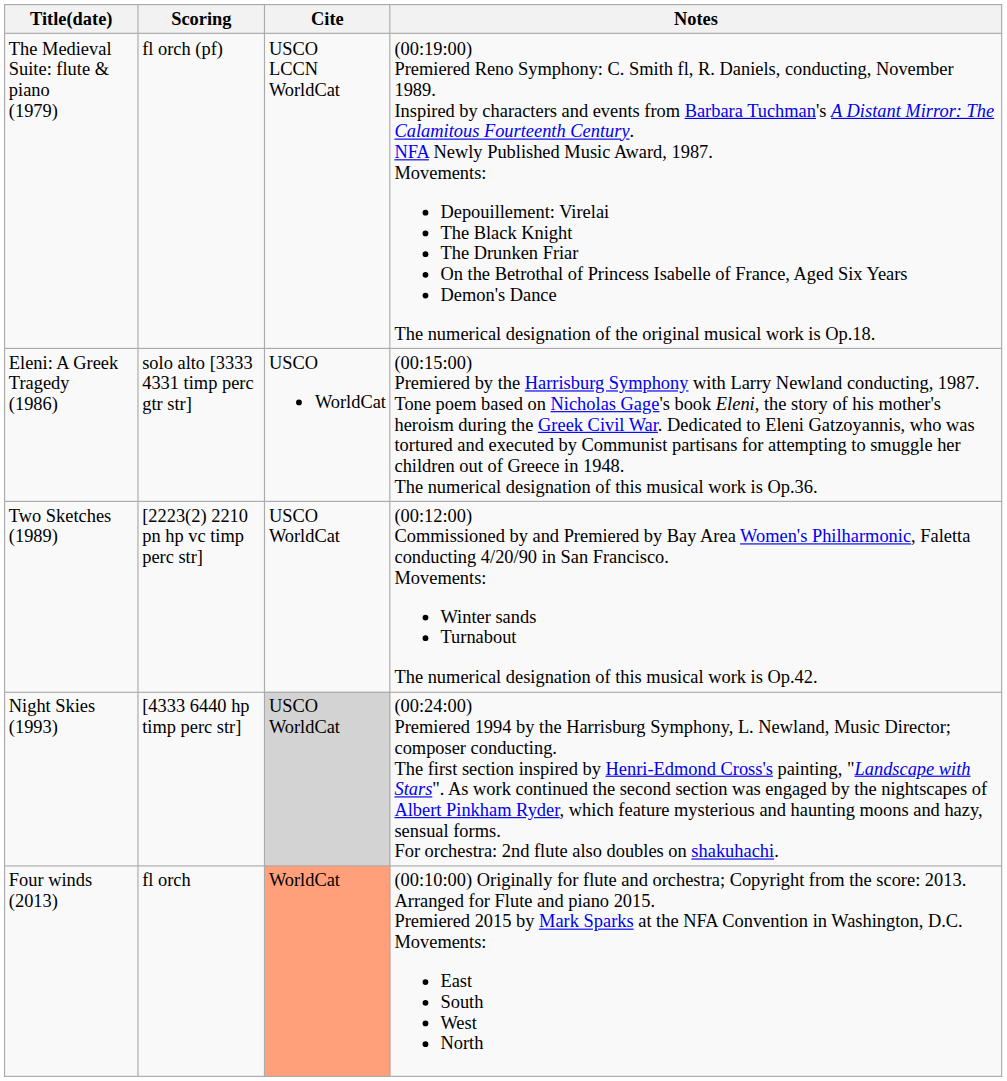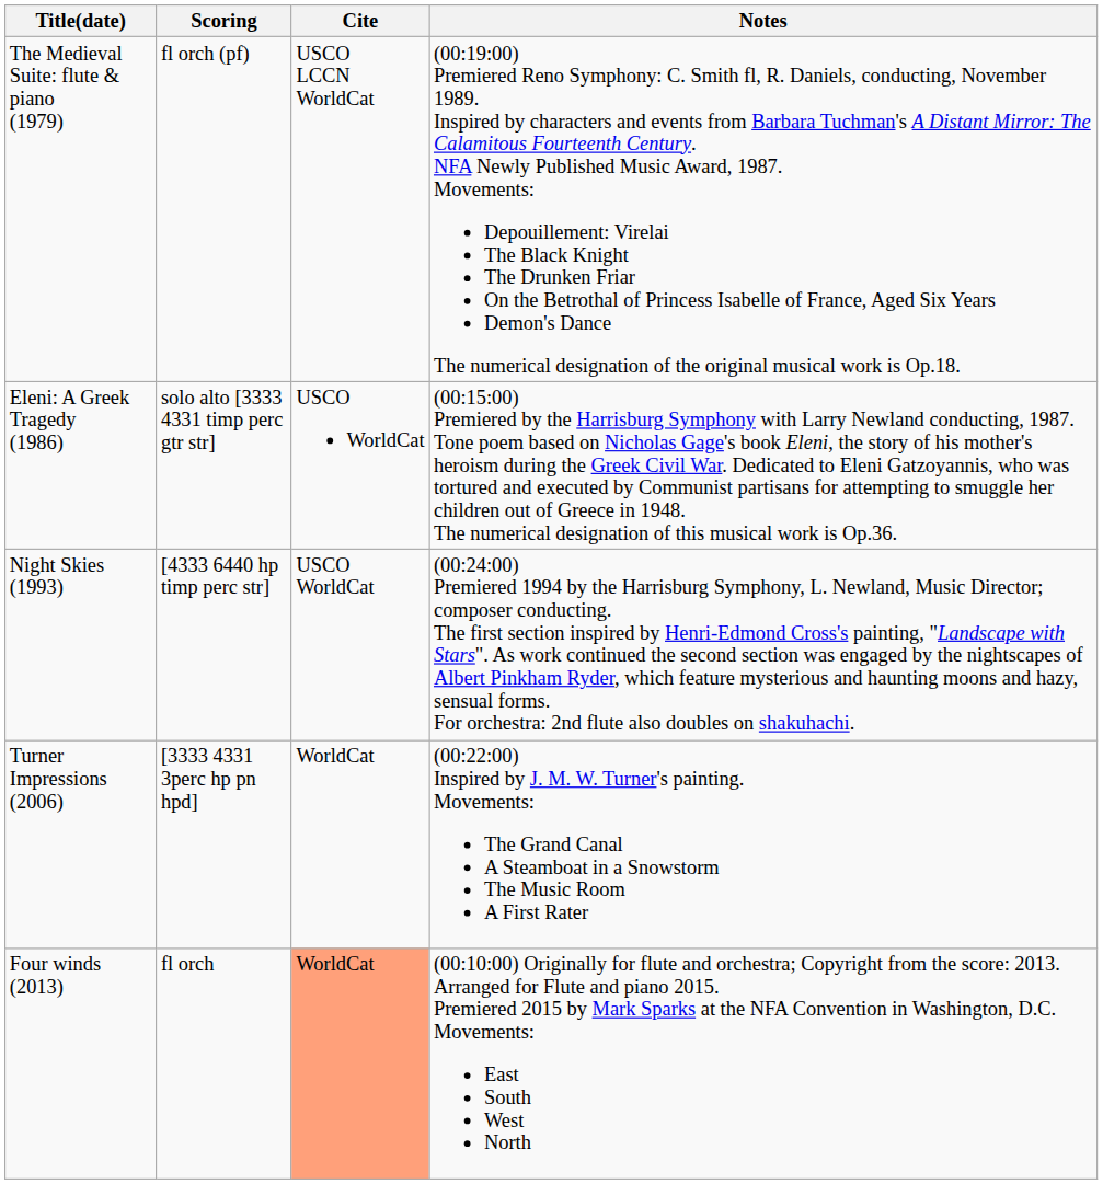 <table class="sortable wikitable" style="margins:auto; width=95%;">
 <tr>
 <th width="">Title(date)</th>
 <th width="">Scoring</th>
 <th width="">Cite</th>
 <th width="">Notes</th>
 </tr>
 <tr valign="top">
 <td>The Medieval Suite: flute & piano<br>(1979)</td>
 <td>fl orch (pf)</td>
 <td>USCO<br>LCCN<br>WorldCat</td>
 <td>(00:19:00)<br>Premiered Reno Symphony: C. Smith fl, R. Daniels, conducting, November 1989.<br>Inspired by characters and events from <a href='#'>Barbara Tuchman</a>'s  <em><a href='#'>A Distant Mirror: The Calamitous Fourteenth Century</a></em>.<br><a href='#'>NFA</a> Newly Published Music Award, 1987.<br>Movements:<ul><li>Depouillement: Virelai</li><li>The Black Knight</li><li>The Drunken Friar</li><li>On the Betrothal of Princess Isabelle of France, Aged Six Years</li><li>Demon's Dance</li></ul>The numerical designation of the original musical work is Op.18.</td>
 </tr>
 <tr valign="top">
 <td>Eleni: A Greek Tragedy<br>(1986)</td>
 <td>solo alto [3333 4331 timp perc gtr str]</td>
 <td>USCO<br><ul><li>WorldCat</li></ul></td>
 <td>(00:15:00)<br>Premiered by the <a href='#'>Harrisburg Symphony</a> with Larry Newland conducting, 1987.<br>Tone poem based on <a href='#'>Nicholas Gage</a>'s book <em>Eleni</em>, the story of his mother's heroism during the <a href='#'>Greek Civil War</a>. Dedicated to Eleni Gatzoyannis, who was tortured and executed by Communist partisans for attempting to smuggle her children out of Greece in 1948.<br>The numerical designation of this musical work is Op.36.</td>
 </tr>
 <tr valign="top">
-<td>Two Sketches<br>(1989)</td>
-<td>[2223(2) 2210 pn hp vc timp perc str]</td>
+<td>Night Skies<br>(1993)</td>
+<td>[4333 6440 hp timp perc str]</td>
 <td>USCO<br>WorldCat</td>
-<td>(00:12:00)<br>Commissioned by and Premiered by Bay Area <a href='#'>Women's Philharmonic</a>, Faletta conducting 4/20/90 in San Francisco.<br>Movements:<ul><li>Winter sands</li><li>Turnabout</li></ul>The numerical designation of this musical work is Op.42.</td>
+<td>(00:24:00)<br>Premiered 1994 by the Harrisburg Symphony, L. Newland, Music Director; composer conducting.<br>The first section inspired by <a href='#'>Henri-Edmond Cross's</a> painting, "<a href='#'><em>Landscape with Stars</em></a>". As work continued the second section was engaged by the nightscapes of <a href='#'>Albert Pinkham Ryder</a>, which feature mysterious and haunting moons and hazy, sensual forms.<br>For orchestra: 2nd flute also doubles on <a href='#'>shakuhachi</a>.</td>
 </tr>
 <tr valign="top">
-<td>Night Skies<br>(1993)</td>
-<td>[4333 6440 hp timp perc str]</td>
-<td style="background: lightgrey;">USCO<br>WorldCat</td>
-<td>(00:24:00)<br>Premiered 1994 by the Harrisburg Symphony, L. Newland, Music Director; composer conducting.<br>The first section inspired by <a href='#'>Henri-Edmond Cross's</a> painting, "<a href='#'><em>Landscape with Stars</em></a>". As work continued the second section was engaged by the nightscapes of <a href='#'>Albert Pinkham Ryder</a>, which feature mysterious and haunting moons and hazy, sensual forms.<br>For orchestra: 2nd flute also doubles on <a href='#'>shakuhachi</a>.</td>
+<td>Turner Impressions<br>(2006)</td>
+<td>[3333 4331 3perc hp pn hpd]</td>
+<td>WorldCat</td>
+<td>(00:22:00)<br>Inspired by <a href='#'>J. M. W. Turner</a>'s painting.<br>Movements:<ul><li>The Grand Canal</li><li>A Steamboat in a Snowstorm</li><li>The Music Room</li><li>A First Rater</li></ul></td>
 </tr>
 <tr valign="top">
 <td>Four winds<br>(2013)</td>
 <td>fl orch</td>
 <td style="background: lightsalmon;">WorldCat</td>
 <td>(00:10:00) Originally for flute and orchestra; Copyright from the score: 2013. Arranged for Flute and piano 2015.<br>Premiered 2015 by <a href='#'>Mark Sparks</a> at the NFA Convention in Washington, D.C.<br>Movements:<ul><li>East</li><li>South</li><li>West</li><li>North</li></ul></td>
 </tr>
 </table>
